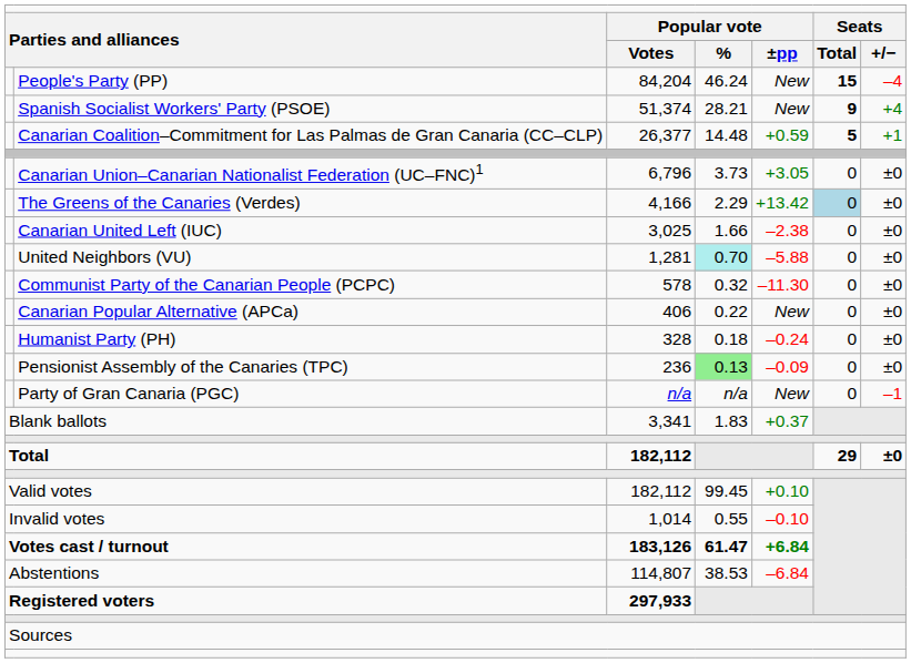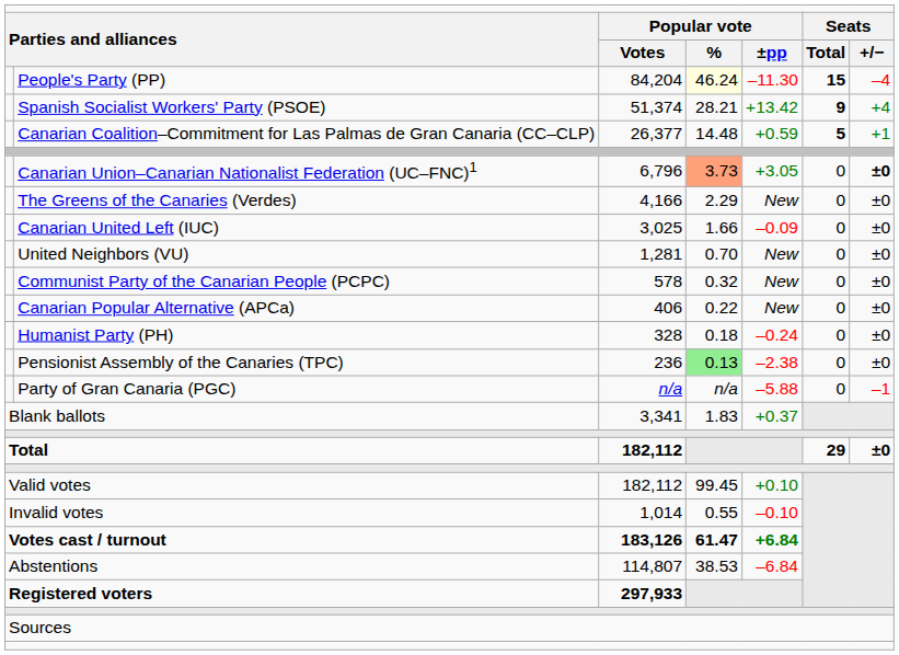 <table class="wikitable" style="text-align:right;">
 <tr>
 <td colspan="7"></td>
 </tr>
 <tr>
 <th style="text-align:left;" rowspan="2" colspan="2" width="525">Parties and alliances</th>
 <th colspan="3">Popular vote</th>
 <th colspan="2">Seats</th>
 </tr>
 <tr>
 <th width="75">Votes</th>
 <th width="45">%</th>
 <th width="45">±<a href='#'>pp</a></th>
 <th width="35">Total</th>
 <th width="35">+/−</th>
 </tr>
 <tr>
 <td width="1" style="color:inherit;background:"></td>
 <td align="left"><a href='#'>People's Party</a> (PP)</td>
 <td>84,204</td>
-<td>46.24</td>
-<td><em>New</em></td>
+<td style="background: lightyellow;">46.24</td>
+<td style="color:red;">–11.30</td>
 <td><strong>15</strong></td>
 <td style="color:red;">–4</td>
 </tr>
 <tr>
 <td style="color:inherit;background:"></td>
 <td align="left"><a href='#'>Spanish Socialist Workers' Party</a> (PSOE)</td>
 <td>51,374</td>
 <td>28.21</td>
-<td><em>New</em></td>
+<td style="color:green;">+13.42</td>
 <td><strong>9</strong></td>
 <td style="color:green;">+4</td>
 </tr>
 <tr>
 <td style="color:inherit;background:"></td>
 <td align="left"><a href='#'>Canarian Coalition</a>–Commitment for Las Palmas de Gran Canaria (CC–CLP)</td>
 <td>26,377</td>
 <td>14.48</td>
 <td style="color:green;">+0.59</td>
 <td><strong>5</strong></td>
 <td style="color:green;">+1</td>
 </tr>
 <tr>
 <td colspan="7" style="color:inherit;background:#C0C0C0"></td>
 </tr>
 <tr>
 <td style="color:inherit;background:"></td>
 <td align="left"><a href='#'>Canarian Union–Canarian Nationalist Federation</a> (UC–FNC)<sup>1</sup></td>
 <td>6,796</td>
-<td>3.73</td>
+<td style="background: lightsalmon;">3.73</td>
 <td style="color:green;">+3.05</td>
 <td>0</td>
-<td>±0</td>
+<td><strong>±0</strong></td>
 </tr>
 <tr>
 <td style="color:inherit;background:"></td>
 <td align="left"><a href='#'>The Greens of the Canaries</a> (Verdes)</td>
 <td>4,166</td>
 <td>2.29</td>
-<td style="color:green;">+13.42</td>
-<td style="background: lightblue;">0</td>
+<td><em>New</em></td>
+<td>0</td>
 <td>±0</td>
 </tr>
 <tr>
 <td style="color:inherit;background:"></td>
 <td align="left"><a href='#'>Canarian United Left</a> (IUC)</td>
 <td>3,025</td>
 <td>1.66</td>
-<td style="color:red;">–2.38</td>
+<td style="color:red;">–0.09</td>
 <td>0</td>
 <td>±0</td>
 </tr>
 <tr>
 <td style="color:inherit;background:"></td>
 <td align="left">United Neighbors (VU)</td>
 <td>1,281</td>
-<td style="background: paleturquoise;">0.70</td>
-<td style="color:red;">–5.88</td>
+<td>0.70</td>
+<td><em>New</em></td>
 <td>0</td>
 <td>±0</td>
 </tr>
 <tr>
 <td style="color:inherit;background:"></td>
 <td align="left"><a href='#'>Communist Party of the Canarian People</a> (PCPC)</td>
 <td>578</td>
 <td>0.32</td>
-<td style="color:red;">–11.30</td>
+<td><em>New</em></td>
 <td>0</td>
 <td>±0</td>
 </tr>
 <tr>
 <td style="color:inherit;background:"></td>
 <td align="left"><a href='#'>Canarian Popular Alternative</a> (APCa)</td>
 <td>406</td>
 <td>0.22</td>
 <td><em>New</em></td>
 <td>0</td>
 <td>±0</td>
 </tr>
 <tr>
 <td style="color:inherit;background:"></td>
 <td align="left"><a href='#'>Humanist Party</a> (PH)</td>
 <td>328</td>
 <td>0.18</td>
 <td style="color:red;">–0.24</td>
 <td>0</td>
 <td>±0</td>
 </tr>
 <tr>
 <td style="color:inherit;background:"></td>
 <td align="left">Pensionist Assembly of the Canaries (TPC)</td>
 <td>236</td>
 <td style="background: lightgreen;">0.13</td>
-<td style="color:red;">–0.09</td>
+<td style="color:red;">–2.38</td>
 <td>0</td>
 <td>±0</td>
 </tr>
 <tr>
 <td style="color:inherit;background:"></td>
 <td align="left">Party of Gran Canaria (PGC)</td>
 <td><em><a href='#'>n/a</a></em></td>
 <td><em>n/a</em></td>
-<td><em>New</em></td>
+<td style="color:red;">–5.88</td>
 <td>0</td>
 <td style="color:red;">–1</td>
 </tr>
 <tr>
 <td align="left" colspan="2">Blank ballots</td>
 <td>3,341</td>
 <td>1.83</td>
 <td style="color:green;">+0.37</td>
 <td style="color:inherit;background:#E9E9E9" colspan="2"></td>
 </tr>
 <tr>
 <td colspan="7" style="color:inherit;background:#E9E9E9"></td>
 </tr>
 <tr style="font-weight:bold;">
 <td align="left" colspan="2">Total</td>
 <td>182,112</td>
 <td bgcolor="#E9E9E9" colspan="2"></td>
 <td>29</td>
 <td>±0</td>
 </tr>
 <tr>
 <td colspan="7" style="color:inherit;background:#E9E9E9"></td>
 </tr>
 <tr>
 <td align="left" colspan="2">Valid votes</td>
 <td>182,112</td>
 <td>99.45</td>
 <td style="color:green;">+0.10</td>
 <td bgcolor="#E9E9E9" colspan="2" rowspan="5"></td>
 </tr>
 <tr>
 <td align="left" colspan="2">Invalid votes</td>
 <td>1,014</td>
 <td>0.55</td>
 <td style="color:red;">–0.10</td>
 </tr>
 <tr style="font-weight:bold;">
 <td align="left" colspan="2">Votes cast / turnout</td>
 <td>183,126</td>
 <td>61.47</td>
 <td style="color:green;">+6.84</td>
 </tr>
 <tr>
 <td align="left" colspan="2">Abstentions</td>
 <td>114,807</td>
 <td>38.53</td>
 <td style="color:red;">–6.84</td>
 </tr>
 <tr style="font-weight:bold;">
 <td align="left" colspan="2">Registered voters</td>
 <td>297,933</td>
 <td bgcolor="#E9E9E9" colspan="2"></td>
 </tr>
 <tr>
 <td colspan="7" style="color:inherit;background:#E9E9E9"></td>
 </tr>
 <tr>
 <td align="left" colspan="7">Sources</td>
 </tr>
 <tr>
 <td colspan="7" style="text-align:left; max-width:790px;"></td>
 </tr>
 </table>
